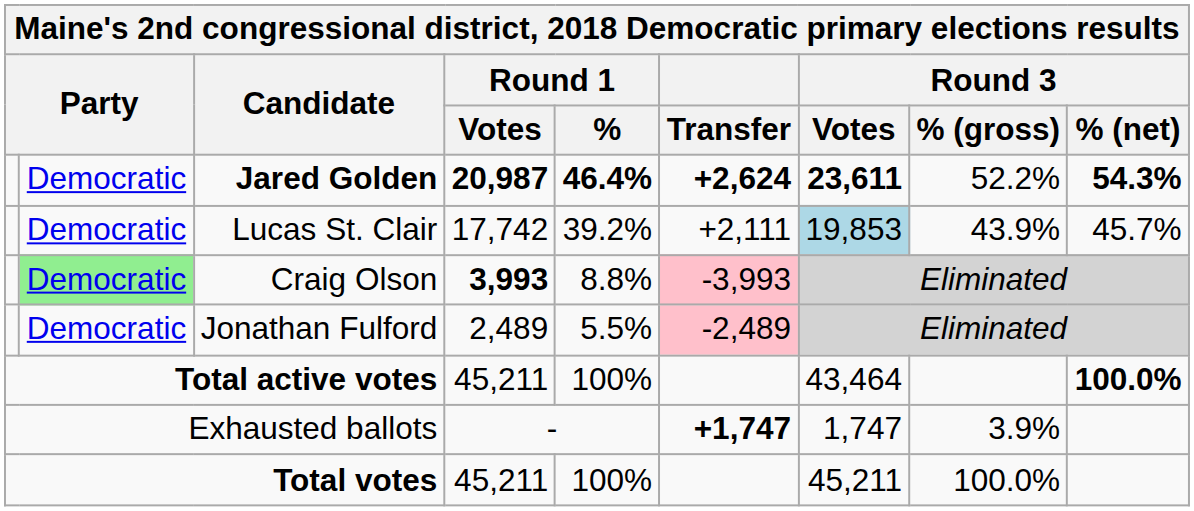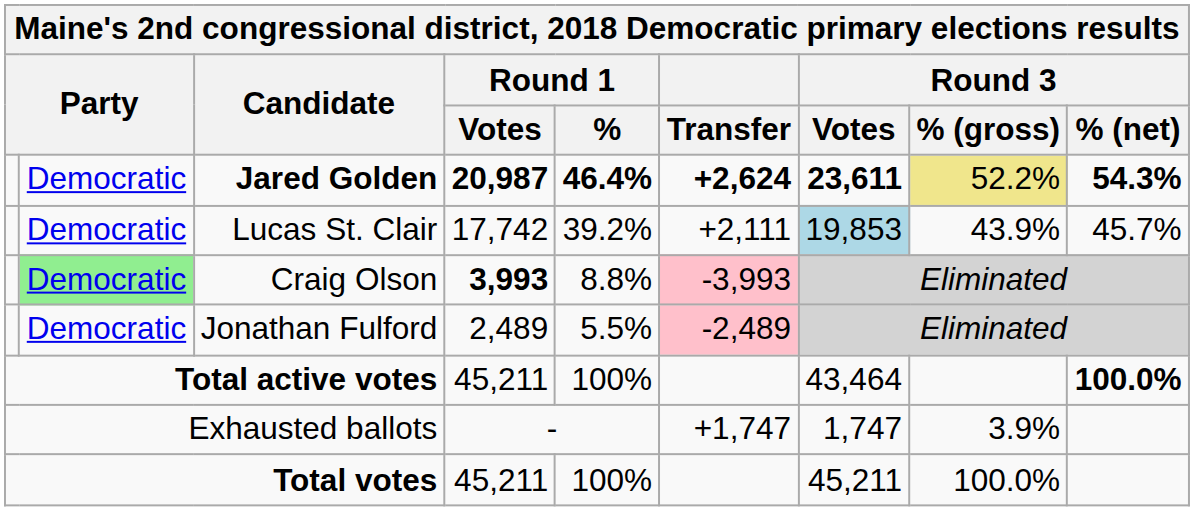 <table class="wikitable">
 <tr>
 <th colspan="13">Maine's 2nd congressional district, 2018 Democratic primary elections results</th>
 </tr>
 <tr>
 <th colspan="2" rowspan="2">Party</th>
 <th rowspan="2">Candidate</th>
 <th colspan="2">Round 1</th>
 <th></th>
 <th colspan="3">Round 3</th>
 </tr>
 <tr>
 <th>Votes</th>
 <th>%</th>
 <th>Transfer</th>
 <th>Votes</th>
 <th>% (gross)</th>
 <th>% (net)</th>
 </tr>
 <tr align=right>
 <td style="background-color:"></td>
 <td><a href='#'>Democratic</a></td>
 <td><strong>Jared Golden</strong></td>
 <td><strong>20,987</strong></td>
 <td> <strong>46.4%</strong></td>
 <td><strong>+2,624</strong></td>
 <td><strong>23,611</strong></td>
-<td>52.2%</td>
+<td style="background: khaki;">52.2%</td>
 <td><strong>54.3%</strong></td>
 </tr>
 <tr align=right>
 <td style="background-color:"></td>
 <td><a href='#'>Democratic</a></td>
 <td>Lucas St. Clair</td>
 <td>17,742</td>
 <td>39.2%</td>
 <td>+2,111</td>
 <td style="background: lightblue;">19,853</td>
 <td>43.9%</td>
 <td>45.7%</td>
 </tr>
 <tr align=right>
 <td style="background-color:"></td>
 <td style="background: lightgreen;"><a href='#'>Democratic</a></td>
 <td>Craig Olson</td>
 <td><strong>3,993</strong></td>
 <td>8.8%</td>
 <td BGCOLOR=pink>-3,993</td>
 <td colspan=3 bgcolor=lightgray align=center><em>Eliminated</em></td>
 </tr>
 <tr align=right>
 <td style="background-color:"></td>
 <td><a href='#'>Democratic</a></td>
 <td>Jonathan Fulford</td>
 <td>2,489</td>
 <td> 5.5%</td>
 <td BGCOLOR=pink>-2,489</td>
 <td colspan=3 bgcolor=lightgray align=center><em>Eliminated</em></td>
 </tr>
 <tr align=right>
 <td colspan="3" align="right"><strong>Total active votes</strong></td>
 <td>45,211</td>
 <td>100%</td>
 <td></td>
 <td>43,464</td>
 <td></td>
 <td><strong>100.0%</strong></td>
 </tr>
 <tr align=right>
 <td colspan="3" align="right">Exhausted ballots</td>
 <td colspan=2 align=center>-</td>
-<td><strong>+1,747</strong></td>
+<td>+1,747</td>
 <td>1,747</td>
 <td>3.9%</td>
 <td></td>
 </tr>
 <tr align=right>
 <td colspan="3" align="right"><strong>Total votes</strong></td>
 <td>45,211</td>
 <td>100%</td>
 <td></td>
 <td>45,211</td>
 <td>100.0%</td>
 <td></td>
 </tr>
 </table>
